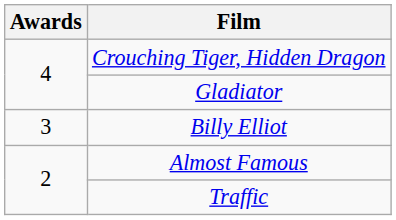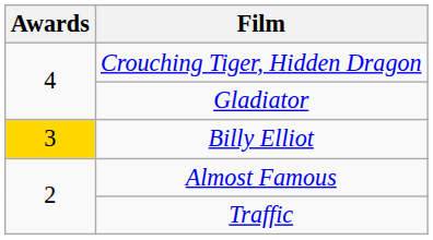 <table class="wikitable" style="text-align:center;">
 <tr>
 <th style="background:">Awards</th>
 <th style="background:">Film</th>
 </tr>
 <tr>
 <td rowspan="2">4</td>
 <td><em><a href='#'>Crouching Tiger, Hidden Dragon</a></em></td>
 </tr>
 <tr>
 <td><em><a href='#'>Gladiator</a></em></td>
 </tr>
 <tr>
-<td>3</td>
+<td style="background: gold;">3</td>
 <td><em><a href='#'>Billy Elliot</a></em></td>
 </tr>
 <tr>
 <td rowspan="2">2</td>
 <td><em><a href='#'>Almost Famous</a></em></td>
 </tr>
 <tr>
 <td><em><a href='#'>Traffic</a></em></td>
 </tr>
 </table>
